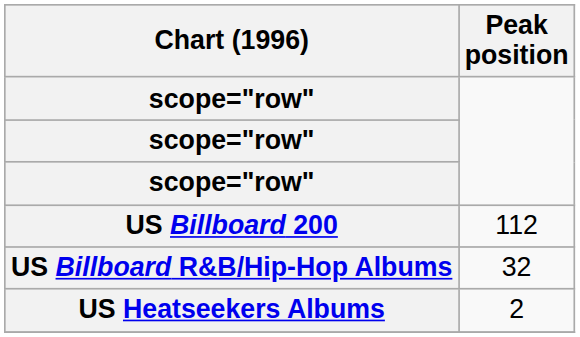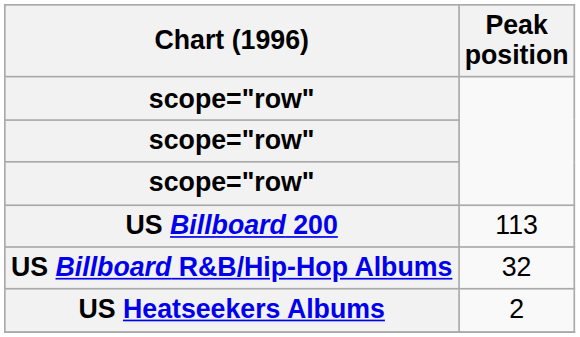 <table class="wikitable sortable plainrowheaders" style="text-align:center">
 <tr>
 <th scope="col">Chart (1996)</th>
 <th scope="col">Peak<br>position</th>
 </tr>
 <tr>
 <th>scope="row" </th>
 </tr>
 <tr>
 <th>scope="row" </th>
 </tr>
 <tr>
 <th>scope="row" </th>
 </tr>
 <tr>
 <th scope="row">US <a href='#'><em>Billboard</em> 200</a></th>
-<td>112</td>
+<td>113</td>
 </tr>
 <tr>
 <th scope="row">US <a href='#'><em>Billboard</em> R&B/Hip-Hop Albums</a></th>
 <td>32</td>
 </tr>
 <tr>
 <th scope="row">US <a href='#'>Heatseekers Albums</a></th>
 <td>2</td>
 </tr>
 <tr>
 </tr>
 </table>
